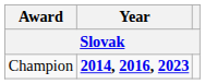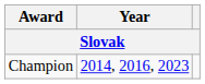 <table class="wikitable">
 <tr>
 <th>Award</th>
 <th>Year</th>
 <th></th>
 </tr>
 <tr>
 <th colspan="3"><a href='#'>Slovak</a></th>
 </tr>
 <tr>
 <td>Champion</td>
-<td><strong><a href='#'>2014</a>, <a href='#'>2016</a>, <a href='#'>2023</a></strong></td>
+<td><a href='#'>2014</a>, <a href='#'>2016</a>, <a href='#'>2023</a></td>
 <td></td>
 </tr>
 </table>
